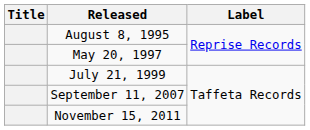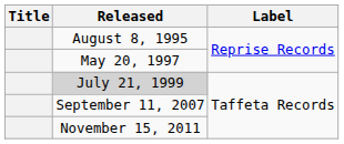 <table class="wikitable plainrowheaders" style="text-align:center;">
 <tr>
 <th>Title</th>
 <th>Released</th>
 <th>Label</th>
 </tr>
 <tr>
 <th scope="row"><br></th>
 <td>August 8, 1995</td>
 <td rowspan="2"><a href='#'>Reprise Records</a></td>
 </tr>
 <tr>
 <th scope="row"><br></th>
 <td>May 20, 1997</td>
 </tr>
 <tr>
 <th scope="row"><br></th>
-<td>July 21, 1999</td>
+<td style="background: lightgrey;">July 21, 1999</td>
 <td rowspan="3">Taffeta Records</td>
 </tr>
 <tr>
 <th scope="row"><br></th>
 <td>September 11, 2007</td>
 </tr>
 <tr>
 <th scope="row"><br></th>
 <td>November 15, 2011</td>
 </tr>
 </table>
